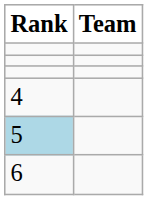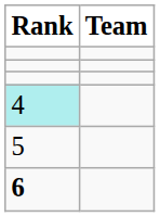 <table class="wikitable collapsible" border="1">
 <tr>
 <th style="background:white;">Rank</th>
 <th style="background:white;">Team</th>
 </tr>
 <tr>
 <td></td>
 <td></td>
 </tr>
 <tr>
 <td></td>
 <td></td>
 </tr>
 <tr>
 <td></td>
 <td></td>
 </tr>
 <tr>
-<td>4</td>
+<td style="background: paleturquoise;">4</td>
 <td></td>
 </tr>
 <tr>
-<td style="background: lightblue;">5</td>
+<td>5</td>
 <td></td>
 </tr>
 <tr>
-<td>6</td>
+<td><strong>6</strong></td>
 <td></td>
 </tr>
 </table>
